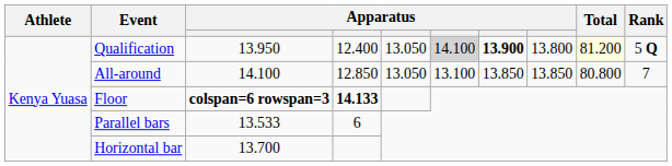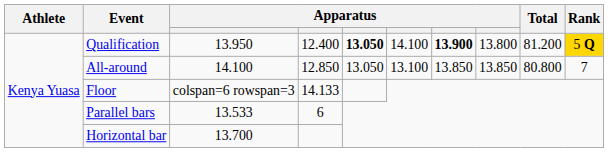 <table class="wikitable" style="font-size:90%">
 <tr>
 <th rowspan=2>Athlete</th>
 <th rowspan=2>Event</th>
 <th colspan =6>Apparatus</th>
 <th rowspan=2>Total</th>
 <th rowspan=2>Rank</th>
 </tr>
 <tr style="font-size:95%">
 <th></th>
 <th></th>
 <th></th>
 <th></th>
 <th></th>
 <th></th>
 </tr>
 <tr align=center>
 <td align=left rowspan=5><a href='#'>Kenya Yuasa</a></td>
 <td align=left><a href='#'>Qualification</a></td>
 <td>13.950</td>
 <td>12.400</td>
-<td>13.050</td>
-<td style="background: lightgrey;">14.100</td>
+<td><strong>13.050</strong></td>
+<td>14.100</td>
 <td><strong>13.900</strong></td>
 <td>13.800</td>
-<td style="background: lightyellow;">81.200</td>
-<td>5 <strong>Q</strong></td>
+<td>81.200</td>
+<td style="background: gold;">5 <strong>Q</strong></td>
 </tr>
 <tr align=center>
 <td align=left><a href='#'>All-around</a></td>
 <td>14.100</td>
 <td>12.850</td>
 <td>13.050</td>
 <td>13.100</td>
 <td>13.850</td>
 <td>13.850</td>
 <td>80.800</td>
 <td>7</td>
 </tr>
 <tr align=center>
 <td align=left><a href='#'>Floor</a></td>
-<td><strong>colspan=6 rowspan=3 </strong></td>
-<td><strong>14.133</strong></td>
+<td>colspan=6 rowspan=3 </td>
+<td>14.133</td>
 <td></td>
 </tr>
 <tr align=center>
 <td align=left><a href='#'>Parallel bars</a></td>
 <td>13.533</td>
 <td>6</td>
 </tr>
 <tr align=center>
 <td align=left><a href='#'>Horizontal bar</a></td>
 <td>13.700</td>
 <td></td>
 </tr>
 </table>
